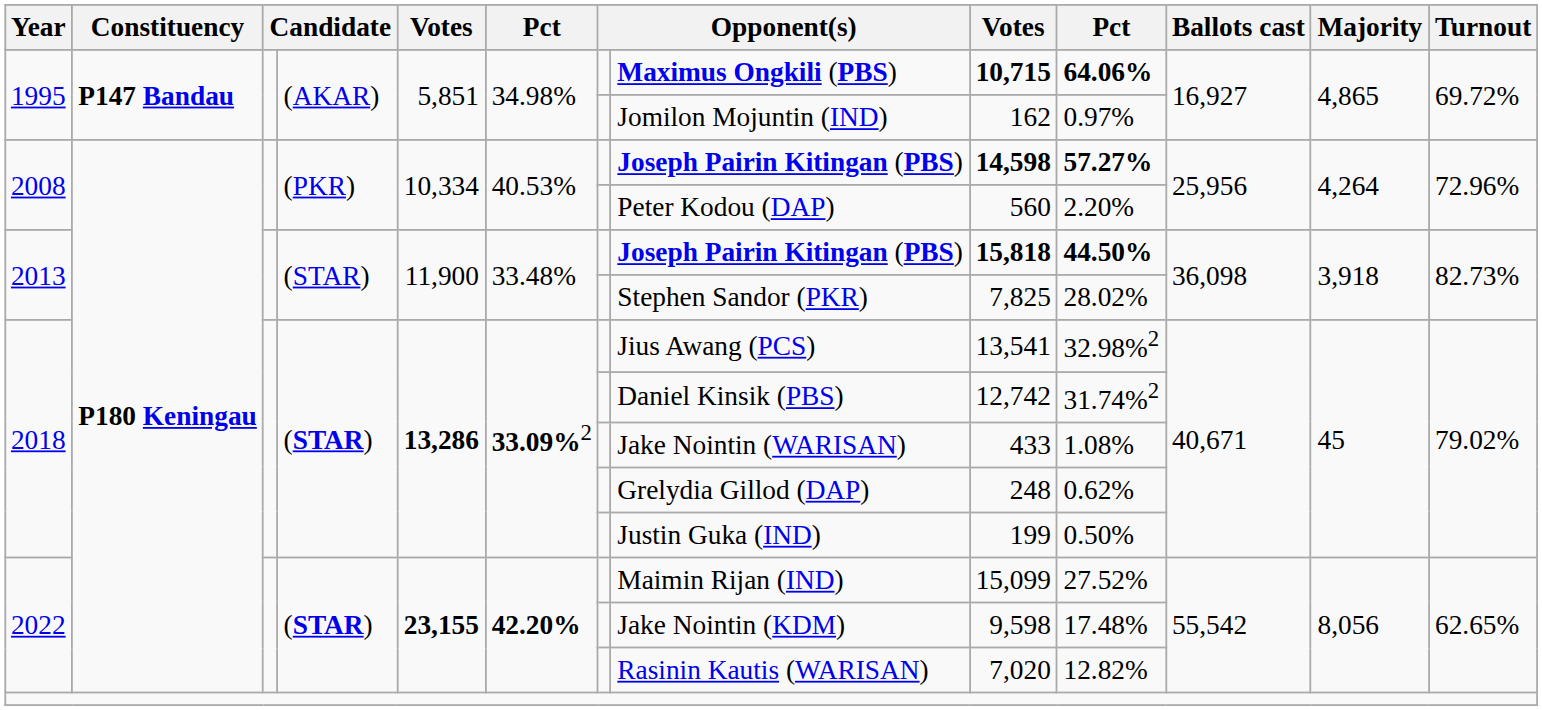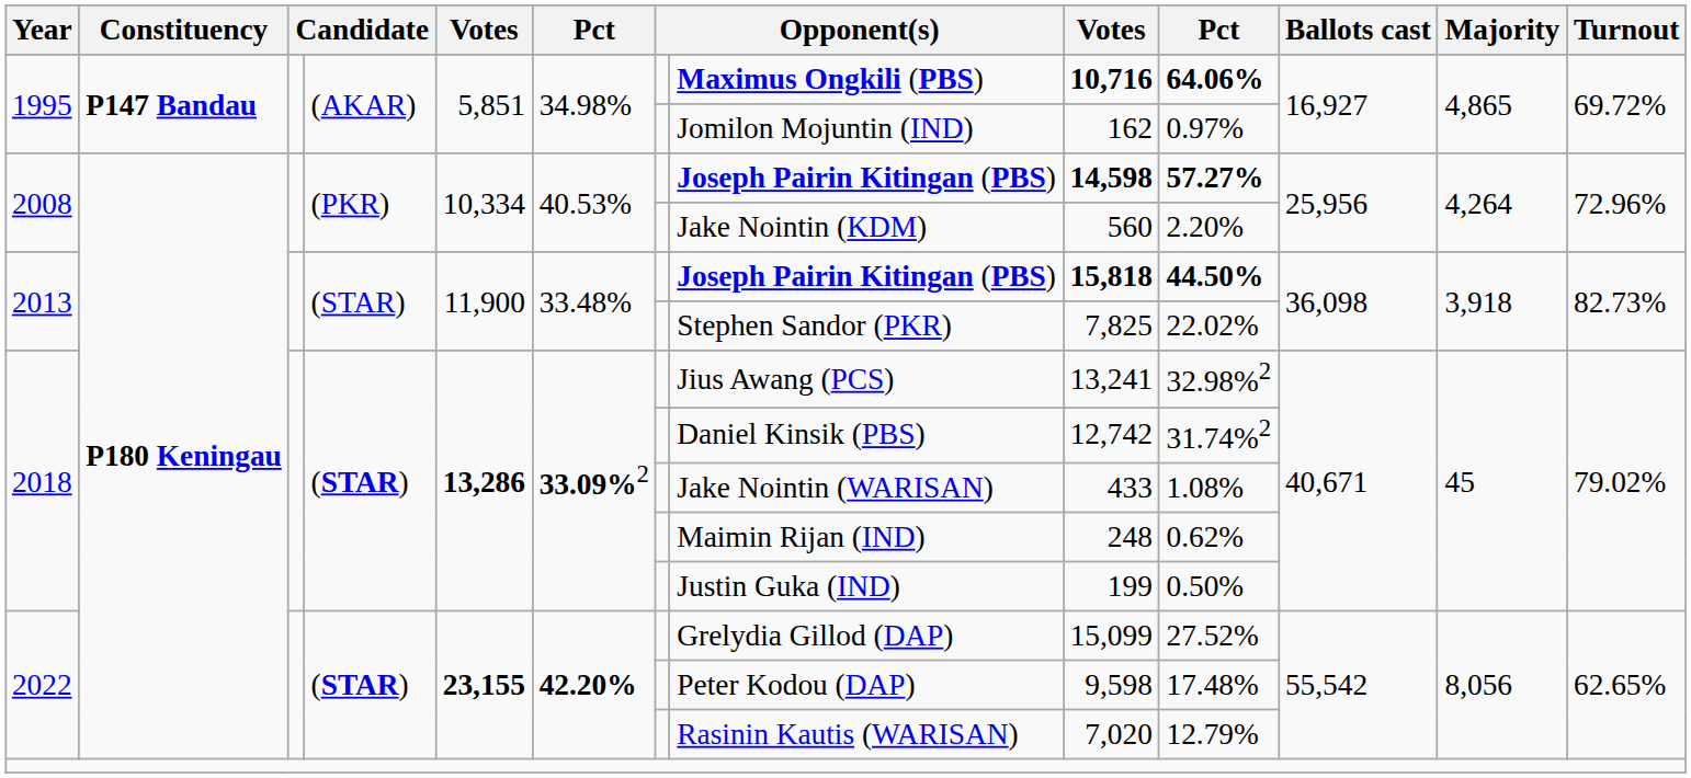 <table class="wikitable" style="margin:0.5em ; font-size:95%">
 <tr>
 <th>Year</th>
 <th>Constituency</th>
 <th colspan=2>Candidate</th>
 <th>Votes</th>
 <th>Pct</th>
 <th colspan=2>Opponent(s)</th>
 <th>Votes</th>
 <th>Pct</th>
 <th>Ballots cast</th>
 <th>Majority</th>
 <th>Turnout</th>
 </tr>
 <tr>
 <td rowspan=2><a href='#'>1995</a></td>
 <td rowspan=2><strong>P147 <a href='#'>Bandau</a></strong></td>
 <td rowspan=2 ></td>
 <td rowspan=2> (<a href='#'>AKAR</a>)</td>
 <td rowspan=2 align="right">5,851</td>
 <td rowspan=2>34.98%</td>
 <td></td>
 <td><strong><a href='#'>Maximus Ongkili</a></strong> (<a href='#'><strong>PBS</strong></a>)</td>
-<td align="right"><strong>10,715</strong></td>
+<td align="right"><strong>10,716</strong></td>
 <td><strong>64.06%</strong></td>
 <td rowspan=2>16,927</td>
 <td rowspan=2>4,865</td>
 <td rowspan=2>69.72%</td>
 </tr>
 <tr>
 <td></td>
 <td>Jomilon Mojuntin (<a href='#'>IND</a>)</td>
 <td align="right">162</td>
 <td>0.97%</td>
 </tr>
 <tr>
 <td rowspan=2><a href='#'>2008</a></td>
 <td rowspan="12"><strong>P180 <a href='#'>Keningau</a></strong></td>
 <td rowspan=2 ></td>
 <td rowspan=2> (<a href='#'>PKR</a>)</td>
 <td rowspan=2 align="right">10,334</td>
 <td rowspan=2>40.53%</td>
 <td></td>
 <td><strong><a href='#'>Joseph Pairin Kitingan</a></strong> (<a href='#'><strong>PBS</strong></a>)</td>
 <td align="right"><strong>14,598</strong></td>
 <td><strong>57.27%</strong></td>
 <td rowspan=2>25,956</td>
 <td rowspan=2>4,264</td>
 <td rowspan=2>72.96%</td>
 </tr>
 <tr>
 <td></td>
-<td>Peter Kodou (<a href='#'>DAP</a>)</td>
+<td>Jake Nointin (<a href='#'>KDM</a>)</td>
 <td align="right">560</td>
 <td>2.20%</td>
 </tr>
 <tr>
 <td rowspan=2><a href='#'>2013</a></td>
 <td rowspan=2 ></td>
 <td rowspan=2> (<a href='#'>STAR</a>)</td>
 <td rowspan=2 align="right">11,900</td>
 <td rowspan=2>33.48%</td>
 <td></td>
 <td><strong><a href='#'>Joseph Pairin Kitingan</a></strong> (<a href='#'><strong>PBS</strong></a>)</td>
 <td align="right"><strong>15,818</strong></td>
 <td><strong>44.50%</strong></td>
 <td rowspan=2>36,098</td>
 <td rowspan=2>3,918</td>
 <td rowspan=2>82.73%</td>
 </tr>
 <tr>
 <td></td>
 <td>Stephen Sandor (<a href='#'>PKR</a>)</td>
 <td align="right">7,825</td>
-<td>28.02%</td>
+<td>22.02%</td>
 </tr>
 <tr>
 <td rowspan="5"><a href='#'>2018</a></td>
 <td rowspan="5"></td>
 <td rowspan="5"><strong></strong> (<a href='#'><strong>STAR</strong></a>)</td>
 <td rowspan="5" align="right"><strong>13,286</strong></td>
 <td rowspan="5"><strong>33.09%</strong><sup>2</sup></td>
 <td></td>
 <td>Jius Awang (<a href='#'>PCS</a>)</td>
-<td align="right">13,541</td>
+<td align="right">13,241</td>
 <td>32.98%<sup>2</sup></td>
 <td rowspan=5>40,671</td>
 <td rowspan=5>45</td>
 <td rowspan=5>79.02%</td>
 </tr>
 <tr>
 <td></td>
 <td>Daniel Kinsik (<a href='#'>PBS</a>)</td>
 <td align="right">12,742</td>
 <td>31.74%<sup>2</sup></td>
 </tr>
 <tr>
 <td></td>
 <td>Jake Nointin (<a href='#'>WARISAN</a>)</td>
 <td align="right">433</td>
 <td>1.08%</td>
 </tr>
 <tr>
 <td></td>
-<td>Grelydia Gillod (<a href='#'>DAP</a>)</td>
+<td>Maimin Rijan (<a href='#'>IND</a>)</td>
 <td align="right">248</td>
 <td>0.62%</td>
 </tr>
 <tr>
 <td></td>
 <td>Justin Guka (<a href='#'>IND</a>)</td>
 <td align="right">199</td>
 <td>0.50%</td>
 </tr>
 <tr>
 <td rowspan="3"><a href='#'>2022</a></td>
 <td rowspan="3"></td>
 <td rowspan="3"><strong></strong> (<a href='#'><strong>STAR</strong></a>)</td>
 <td rowspan="3" align="right"><strong>23,155</strong></td>
 <td rowspan="3"><strong>42.20%</strong></td>
 <td></td>
-<td>Maimin Rijan (<a href='#'>IND</a>)</td>
+<td>Grelydia Gillod (<a href='#'>DAP</a>)</td>
 <td align="right">15,099</td>
 <td>27.52%</td>
 <td rowspan=3>55,542</td>
 <td rowspan=3>8,056</td>
 <td rowspan=3>62.65%</td>
 </tr>
 <tr>
 <td></td>
-<td>Jake Nointin (<a href='#'>KDM</a>)</td>
+<td>Peter Kodou (<a href='#'>DAP</a>)</td>
 <td align="right">9,598</td>
 <td>17.48%</td>
 </tr>
 <tr>
 <td></td>
 <td><a href='#'>Rasinin Kautis</a> (<a href='#'>WARISAN</a>)</td>
 <td align="right">7,020</td>
-<td>12.82%</td>
+<td>12.79%</td>
 </tr>
 <tr>
 <td colspan="13"></td>
 </tr>
 </table>
